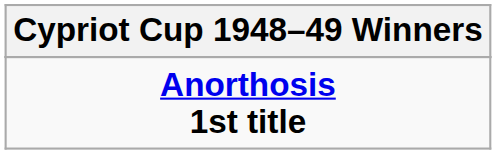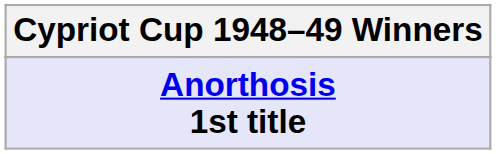 <table class="wikitable" style="text-align:center;margin: 0 auto;">
 <tr>
 <th>Cypriot Cup 1948–49 Winners</th>
 </tr>
 <tr>
 </tr>
 <tr>
-<td><strong><a href='#'>Anorthosis</a></strong><br><strong>1st title</strong></td>
+<td style="background: lavender;"><strong><a href='#'>Anorthosis</a></strong><br><strong>1st title</strong></td>
 </tr>
 </table>
